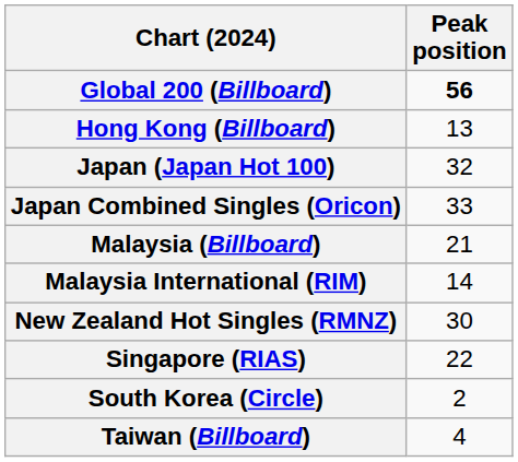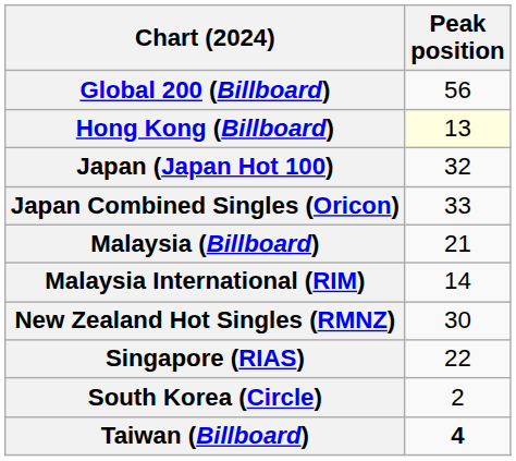 <table class="wikitable plainrowheaders sortable" style="text-align:center">
 <tr>
 <th scope="col">Chart (2024)</th>
 <th scope="col">Peak<br>position</th>
 </tr>
 <tr>
 <th scope="row"><a href='#'>Global 200</a> (<em><a href='#'>Billboard</a></em>)</th>
-<td><strong>56</strong></td>
+<td>56</td>
 </tr>
 <tr>
 <th scope="row"><a href='#'>Hong Kong</a> (<em><a href='#'>Billboard</a></em>)</th>
-<td>13</td>
+<td style="background: lightyellow;">13</td>
 </tr>
 <tr>
 <th scope="row">Japan (<a href='#'>Japan Hot 100</a>)</th>
 <td>32</td>
 </tr>
 <tr>
 <th scope="row">Japan Combined Singles (<a href='#'>Oricon</a>)</th>
 <td>33</td>
 </tr>
 <tr>
 <th scope="row">Malaysia (<em><a href='#'>Billboard</a></em>)</th>
 <td>21</td>
 </tr>
 <tr>
 <th scope="row">Malaysia International (<a href='#'>RIM</a>)</th>
 <td>14</td>
 </tr>
 <tr>
 <th scope="row">New Zealand Hot Singles (<a href='#'>RMNZ</a>)</th>
 <td>30</td>
 </tr>
 <tr>
 <th scope="row">Singapore (<a href='#'>RIAS</a>)</th>
 <td>22</td>
 </tr>
 <tr>
 <th scope="row">South Korea (<a href='#'>Circle</a>)</th>
 <td>2</td>
 </tr>
 <tr>
 <th scope="row">Taiwan (<em><a href='#'>Billboard</a></em>)</th>
-<td>4</td>
+<td><strong>4</strong></td>
 </tr>
 </table>
